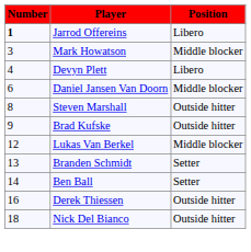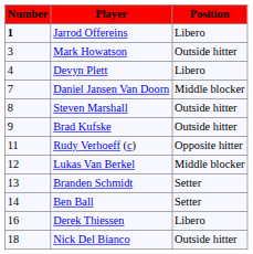 <table bgcolor="#f7f8ff" cellpadding="3" cellspacing="0" border="1" style="font-size: 95%; border: gray solid 1px; border-collapse: collapse;">
 <tr bgcolor="#ff0000">
 <td align=center><strong>Number</strong></td>
 <td align=center><strong>Player</strong></td>
 <td align=center><strong>Position</strong></td>
 </tr>
 <tr align="left">
 <td><strong>1</strong></td>
 <td> <a href='#'>Jarrod Offereins</a></td>
 <td>Libero</td>
 </tr>
 <tr align=left>
 <td>3</td>
 <td> <a href='#'>Mark Howatson</a></td>
-<td>Middle blocker</td>
+<td>Outside hitter</td>
 </tr>
 <tr align="left">
 <td>4</td>
 <td> <a href='#'>Devyn Plett</a></td>
 <td>Libero</td>
 </tr>
 <tr align="left">
-<td>6</td>
+<td>7</td>
 <td> <a href='#'>Daniel Jansen Van Doorn</a></td>
 <td>Middle blocker</td>
 </tr>
 <tr align="left">
 <td>8</td>
 <td> <a href='#'>Steven Marshall</a></td>
 <td>Outside hitter</td>
 </tr>
 <tr align="left">
 <td>9</td>
 <td> <a href='#'>Brad Kufske</a></td>
 <td>Outside hitter</td>
+</tr>
+<tr align="left">
+<td>11</td>
+<td> <a href='#'>Rudy Verhoeff</a> (<a href='#'>c</a>)</td>
+<td>Opposite hitter</td>
 </tr>
 <tr align="left">
 <td>12</td>
 <td> <a href='#'>Lukas Van Berkel</a></td>
 <td>Middle blocker</td>
 </tr>
 <tr align="left">
 <td>13</td>
 <td> <a href='#'>Branden Schmidt</a></td>
 <td>Setter</td>
 </tr>
 <tr align="left">
 <td>14</td>
 <td> <a href='#'>Ben Ball</a></td>
 <td>Setter</td>
 </tr>
 <tr align="left">
 <td>16</td>
 <td> <a href='#'>Derek Thiessen</a></td>
-<td>Outside hitter</td>
+<td>Libero</td>
 </tr>
 <tr align="left">
 <td>18</td>
 <td> <a href='#'>Nick Del Bianco</a></td>
 <td>Outside hitter</td>
 </tr>
 </table>
